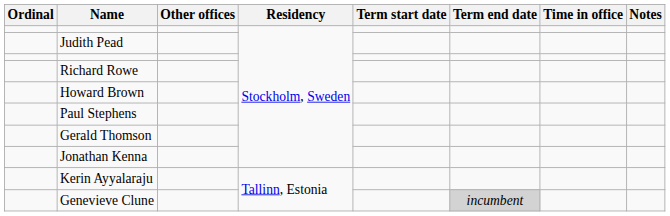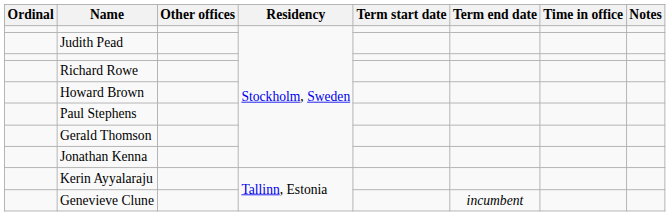 <table class='wikitable sortable'>
 <tr>
 <th>Ordinal</th>
 <th>Name</th>
 <th>Other offices</th>
 <th>Residency</th>
 <th>Term start date</th>
 <th>Term end date</th>
 <th>Time in office</th>
 <th>Notes</th>
 </tr>
 <tr>
 <td align=center></td>
 <td></td>
 <td></td>
 <td rowspan=8><a href='#'>Stockholm</a>, <a href='#'>Sweden</a></td>
 <td align=center></td>
 <td align=center></td>
 <td align=right><strong></strong></td>
 <td></td>
 </tr>
 <tr>
 <td align=center></td>
 <td>Judith Pead</td>
 <td></td>
 <td align=center></td>
 <td align=center></td>
 <td align=right></td>
 <td></td>
 </tr>
 <tr>
 <td align=center></td>
 <td></td>
 <td></td>
 <td align=center></td>
 <td align=center></td>
 <td align=right></td>
 <td></td>
 </tr>
 <tr>
 <td align=center></td>
 <td>Richard Rowe</td>
 <td></td>
 <td align=center></td>
 <td align=center></td>
 <td align=right></td>
 <td></td>
 </tr>
 <tr>
 <td align=center></td>
 <td>Howard Brown</td>
 <td></td>
 <td align=center></td>
 <td align=center></td>
 <td align=right></td>
 <td></td>
 </tr>
 <tr>
 <td align=center></td>
 <td>Paul Stephens</td>
 <td></td>
 <td align=center></td>
 <td align=center></td>
 <td align=right></td>
 <td></td>
 </tr>
 <tr>
 <td align=center></td>
 <td>Gerald Thomson</td>
 <td></td>
 <td align=center></td>
 <td align=center></td>
 <td align=right></td>
 <td></td>
 </tr>
 <tr>
 <td align=center></td>
 <td>Jonathan Kenna</td>
 <td></td>
 <td align=center></td>
 <td align=center></td>
 <td align=right></td>
 <td></td>
 </tr>
 <tr>
 <td align=center></td>
 <td>Kerin Ayyalaraju</td>
 <td></td>
 <td rowspan=2><a href='#'>Tallinn</a>, Estonia</td>
 <td align=center></td>
 <td align=center></td>
 <td align=right></td>
 <td></td>
 </tr>
 <tr>
 <td align=center></td>
 <td>Genevieve Clune</td>
 <td></td>
 <td align=center></td>
-<td align=center style="background: lightgrey;"><em>incumbent</em></td>
+<td align=center><em>incumbent</em></td>
 <td align=right></td>
 <td></td>
 </tr>
 </table>
